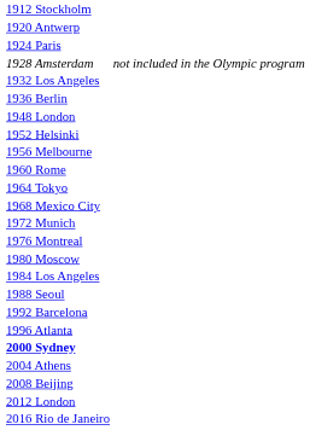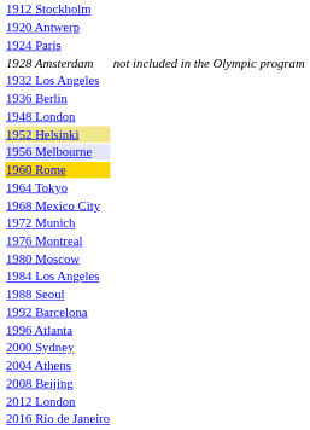 <table>
 <tr>
 <td><a href='#'>1912 Stockholm</a><br></td>
 <td></td>
 <td></td>
 <td></td>
 </tr>
 <tr>
 <td><a href='#'>1920 Antwerp</a><br></td>
 <td></td>
 <td></td>
 <td></td>
 </tr>
 <tr>
 <td><a href='#'>1924 Paris</a><br></td>
 <td></td>
 <td></td>
 <td></td>
 </tr>
 <tr>
 <td><em>1928 Amsterdam</em></td>
 <td colspan=3 align=center><em>not included in the Olympic program</em></td>
 </tr>
 <tr>
 <td><a href='#'>1932 Los Angeles</a><br></td>
 <td></td>
 <td></td>
 <td></td>
 </tr>
 <tr>
 <td><a href='#'>1936 Berlin</a><br></td>
 <td></td>
 <td></td>
 <td></td>
 </tr>
 <tr>
 <td><a href='#'>1948 London</a><br></td>
 <td></td>
 <td></td>
 <td></td>
 </tr>
 <tr>
-<td><a href='#'>1952 Helsinki</a><br></td>
+<td style="background: khaki;"><a href='#'>1952 Helsinki</a><br></td>
 <td></td>
 <td></td>
 <td></td>
 </tr>
 <tr>
-<td><a href='#'>1956 Melbourne</a><br></td>
+<td style="background: lavender;"><a href='#'>1956 Melbourne</a><br></td>
 <td></td>
 <td></td>
 <td></td>
 </tr>
 <tr>
-<td><a href='#'>1960 Rome</a><br></td>
+<td style="background: gold;"><a href='#'>1960 Rome</a><br></td>
 <td></td>
 <td></td>
 <td></td>
 </tr>
 <tr>
 <td><a href='#'>1964 Tokyo</a><br></td>
 <td></td>
 <td></td>
 <td></td>
 </tr>
 <tr>
 <td><a href='#'>1968 Mexico City</a><br></td>
 <td></td>
 <td></td>
 <td></td>
 </tr>
 <tr>
 <td><a href='#'>1972 Munich</a><br></td>
 <td></td>
 <td></td>
 <td></td>
 </tr>
 <tr>
 <td><a href='#'>1976 Montreal</a><br></td>
 <td></td>
 <td></td>
 <td></td>
 </tr>
 <tr>
 <td><a href='#'>1980 Moscow</a><br></td>
 <td></td>
 <td></td>
 <td></td>
 </tr>
 <tr>
 <td><a href='#'>1984 Los Angeles</a><br></td>
 <td></td>
 <td></td>
 <td></td>
 </tr>
 <tr>
 <td><a href='#'>1988 Seoul</a><br></td>
 <td></td>
 <td></td>
 <td></td>
 </tr>
 <tr valign="top">
 <td><a href='#'>1992 Barcelona</a><br></td>
 <td></td>
 <td></td>
 <td></td>
 </tr>
 <tr>
 <td><a href='#'>1996 Atlanta</a><br></td>
 <td></td>
 <td></td>
 <td></td>
 </tr>
 <tr>
-<td><strong><a href='#'>2000 Sydney</a><br></strong></td>
+<td><a href='#'>2000 Sydney</a><br></td>
 <td></td>
 <td></td>
 <td></td>
 </tr>
 <tr>
 <td><a href='#'>2004 Athens</a><br></td>
 <td></td>
 <td></td>
 <td></td>
 </tr>
 <tr>
 <td><a href='#'>2008 Beijing</a><br></td>
 <td></td>
 <td></td>
 <td></td>
 </tr>
 <tr>
 <td><a href='#'>2012 London</a><br></td>
 <td></td>
 <td></td>
 <td></td>
 </tr>
 <tr>
 <td><a href='#'>2016 Rio de Janeiro</a><br></td>
 <td></td>
 <td></td>
 <td></td>
 </tr>
 <tr>
 </tr>
 </table>
